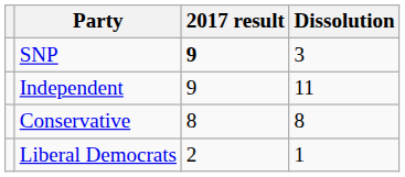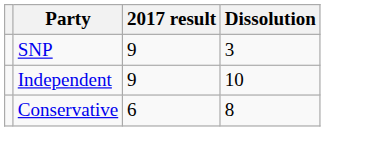 <table class="wikitable">
 <tr>
 <th></th>
 <th scope="col">Party</th>
 <th scope="col">2017 result</th>
 <th scope="col">Dissolution</th>
 </tr>
 <tr>
 <td style="background:"></td>
 <td scope="row"><a href='#'>SNP</a></td>
-<td><strong>9</strong></td>
+<td>9</td>
 <td>3</td>
 </tr>
 <tr>
 <td style="background:"></td>
 <td scope="row"><a href='#'>Independent</a></td>
 <td>9</td>
-<td>11</td>
+<td>10</td>
 </tr>
 <tr>
 <td style="background:"></td>
 <td scope="row"><a href='#'>Conservative</a></td>
-<td>8</td>
+<td>6</td>
 <td>8</td>
 </tr>
-<tr>
-<td style="background:"></td>
-<td scope="row"><a href='#'>Liberal Democrats</a></td>
-<td>2</td>
-<td>1</td>
-</tr>
 </table>
